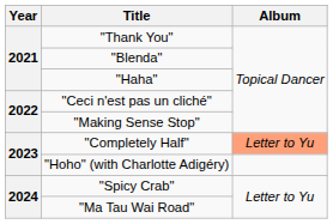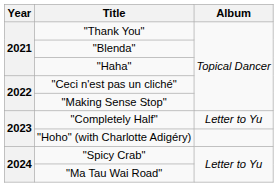 <table class="wikitable plainrowheaders" style="text-align:center;">
 <tr>
 <th scope="col">Year</th>
 <th scope="col">Title</th>
 <th scope="col">Album</th>
 </tr>
 <tr>
 <th scope="row" rowspan="3">2021</th>
 <td>"Thank You"</td>
 <td rowspan="5"><em>Topical Dancer</em></td>
 </tr>
 <tr>
 <td>"Blenda"</td>
 </tr>
 <tr>
 <td>"Haha"</td>
 </tr>
 <tr>
 <th scope="row" rowspan="2">2022</th>
 <td>"Ceci n'est pas un cliché"</td>
 </tr>
 <tr>
 <td>"Making Sense Stop"</td>
 </tr>
 <tr>
 <th scope="row" rowspan="2">2023</th>
 <td>"Completely Half"</td>
-<td style="background: lightsalmon;"><em>Letter to Yu</em></td>
+<td><em>Letter to Yu</em></td>
 </tr>
 <tr>
 <td>"Hoho" (with Charlotte Adigéry)</td>
 <td></td>
 </tr>
 <tr>
 <th scope="row" rowspan="2">2024</th>
 <td>"Spicy Crab"</td>
 <td rowspan="2"><em>Letter to Yu</em></td>
 </tr>
 <tr>
 <td>"Ma Tau Wai Road"</td>
 </tr>
 </table>
